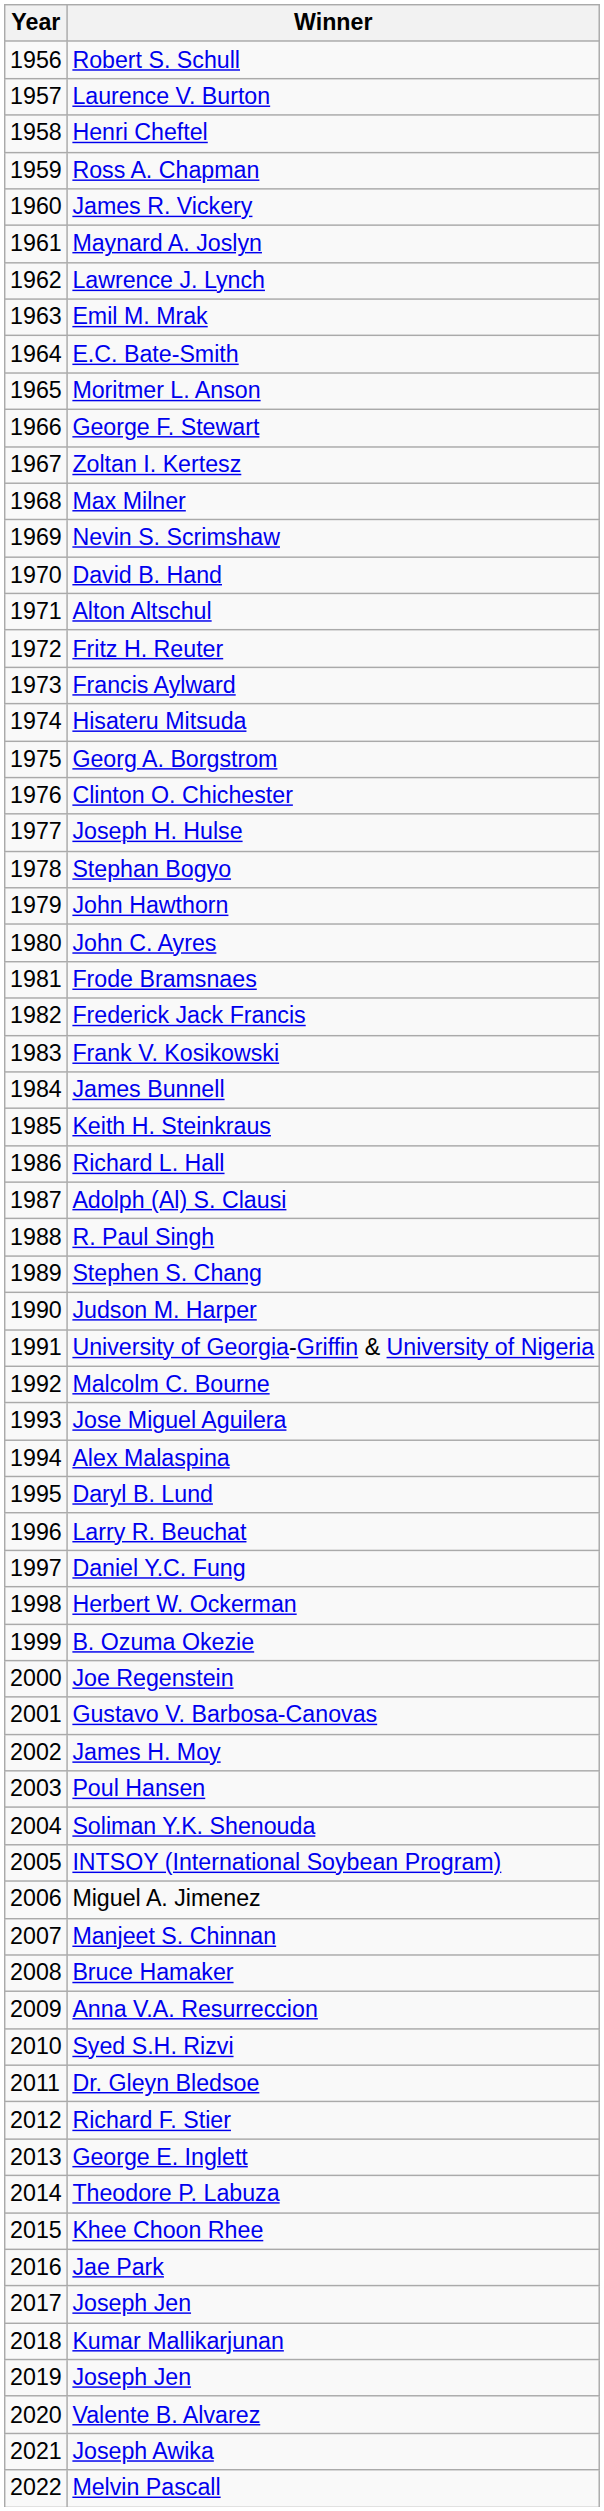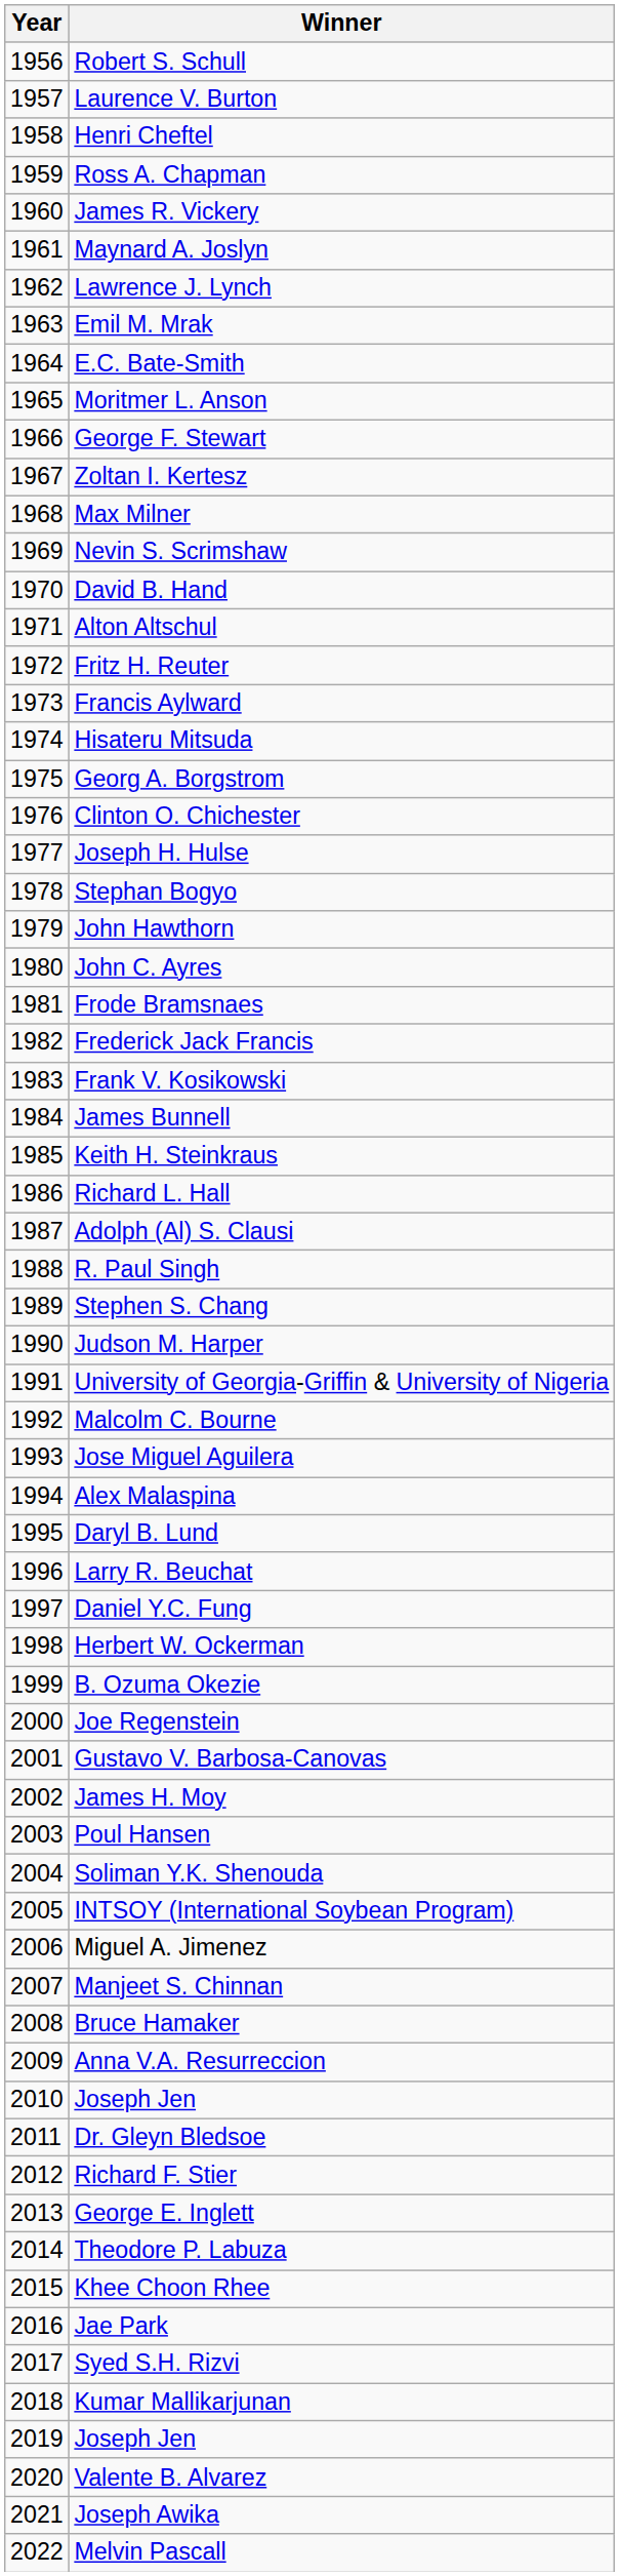 <table class=wikitable>
 <tr>
 <th>Year</th>
 <th>Winner</th>
 </tr>
 <tr>
 <td>1956</td>
 <td><a href='#'>Robert S. Schull</a></td>
 </tr>
 <tr>
 <td>1957</td>
 <td><a href='#'>Laurence V. Burton</a></td>
 </tr>
 <tr>
 <td>1958</td>
 <td><a href='#'>Henri Cheftel</a></td>
 </tr>
 <tr>
 <td>1959</td>
 <td><a href='#'>Ross A. Chapman</a></td>
 </tr>
 <tr>
 <td>1960</td>
 <td><a href='#'>James R. Vickery</a></td>
 </tr>
 <tr>
 <td>1961</td>
 <td><a href='#'>Maynard A. Joslyn</a></td>
 </tr>
 <tr>
 <td>1962</td>
 <td><a href='#'>Lawrence J. Lynch</a></td>
 </tr>
 <tr>
 <td>1963</td>
 <td><a href='#'>Emil M. Mrak</a></td>
 </tr>
 <tr>
 <td>1964</td>
 <td><a href='#'>E.C. Bate-Smith</a></td>
 </tr>
 <tr>
 <td>1965</td>
 <td><a href='#'>Moritmer L. Anson</a></td>
 </tr>
 <tr>
 <td>1966</td>
 <td><a href='#'>George F. Stewart</a></td>
 </tr>
 <tr>
 <td>1967</td>
 <td><a href='#'>Zoltan I. Kertesz</a></td>
 </tr>
 <tr>
 <td>1968</td>
 <td><a href='#'>Max Milner</a></td>
 </tr>
 <tr>
 <td>1969</td>
 <td><a href='#'>Nevin S. Scrimshaw</a></td>
 </tr>
 <tr>
 <td>1970</td>
 <td><a href='#'>David B. Hand</a></td>
 </tr>
 <tr>
 <td>1971</td>
 <td><a href='#'>Alton Altschul</a></td>
 </tr>
 <tr>
 <td>1972</td>
 <td><a href='#'>Fritz H. Reuter</a></td>
 </tr>
 <tr>
 <td>1973</td>
 <td><a href='#'>Francis Aylward</a></td>
 </tr>
 <tr>
 <td>1974</td>
 <td><a href='#'>Hisateru Mitsuda</a></td>
 </tr>
 <tr>
 <td>1975</td>
 <td><a href='#'>Georg A. Borgstrom</a></td>
 </tr>
 <tr>
 <td>1976</td>
 <td><a href='#'>Clinton O. Chichester</a></td>
 </tr>
 <tr>
 <td>1977</td>
 <td><a href='#'>Joseph H. Hulse</a></td>
 </tr>
 <tr>
 <td>1978</td>
 <td><a href='#'>Stephan Bogyo</a></td>
 </tr>
 <tr>
 <td>1979</td>
 <td><a href='#'>John Hawthorn</a></td>
 </tr>
 <tr>
 <td>1980</td>
 <td><a href='#'>John C. Ayres</a></td>
 </tr>
 <tr>
 <td>1981</td>
 <td><a href='#'>Frode Bramsnaes</a></td>
 </tr>
 <tr>
 <td>1982</td>
 <td><a href='#'>Frederick Jack Francis</a></td>
 </tr>
 <tr>
 <td>1983</td>
 <td><a href='#'>Frank V. Kosikowski</a></td>
 </tr>
 <tr>
 <td>1984</td>
 <td><a href='#'>James Bunnell</a></td>
 </tr>
 <tr>
 <td>1985</td>
 <td><a href='#'>Keith H. Steinkraus</a></td>
 </tr>
 <tr>
 <td>1986</td>
 <td><a href='#'>Richard L. Hall</a></td>
 </tr>
 <tr>
 <td>1987</td>
 <td><a href='#'>Adolph (Al) S. Clausi</a></td>
 </tr>
 <tr>
 <td>1988</td>
 <td><a href='#'>R. Paul Singh</a></td>
 </tr>
 <tr>
 <td>1989</td>
 <td><a href='#'>Stephen S. Chang</a></td>
 </tr>
 <tr>
 <td>1990</td>
 <td><a href='#'>Judson M. Harper</a></td>
 </tr>
 <tr>
 <td>1991</td>
 <td><a href='#'>University of Georgia</a>-<a href='#'>Griffin</a> & <a href='#'>University of Nigeria</a></td>
 </tr>
 <tr>
 <td>1992</td>
 <td><a href='#'>Malcolm C. Bourne</a></td>
 </tr>
 <tr>
 <td>1993</td>
 <td><a href='#'>Jose Miguel Aguilera</a></td>
 </tr>
 <tr>
 <td>1994</td>
 <td><a href='#'>Alex Malaspina</a></td>
 </tr>
 <tr>
 <td>1995</td>
 <td><a href='#'>Daryl B. Lund</a></td>
 </tr>
 <tr>
 <td>1996</td>
 <td><a href='#'>Larry R. Beuchat</a></td>
 </tr>
 <tr>
 <td>1997</td>
 <td><a href='#'>Daniel Y.C. Fung</a></td>
 </tr>
 <tr>
 <td>1998</td>
 <td><a href='#'>Herbert W. Ockerman</a></td>
 </tr>
 <tr>
 <td>1999</td>
 <td><a href='#'>B. Ozuma Okezie</a></td>
 </tr>
 <tr>
 <td>2000</td>
 <td><a href='#'>Joe Regenstein</a></td>
 </tr>
 <tr>
 <td>2001</td>
 <td><a href='#'>Gustavo V. Barbosa-Canovas</a></td>
 </tr>
 <tr>
 <td>2002</td>
 <td><a href='#'>James H. Moy</a></td>
 </tr>
 <tr>
 <td>2003</td>
 <td><a href='#'>Poul Hansen</a></td>
 </tr>
 <tr>
 <td>2004</td>
 <td><a href='#'>Soliman Y.K. Shenouda</a></td>
 </tr>
 <tr>
 <td>2005</td>
 <td><a href='#'>INTSOY (International Soybean Program)</a></td>
 </tr>
 <tr>
 <td>2006</td>
 <td>Miguel A. Jimenez</td>
 </tr>
 <tr>
 <td>2007</td>
 <td><a href='#'>Manjeet S. Chinnan</a></td>
 </tr>
 <tr>
 <td>2008</td>
 <td><a href='#'>Bruce Hamaker</a></td>
 </tr>
 <tr>
 <td>2009</td>
 <td><a href='#'>Anna V.A. Resurreccion</a></td>
 </tr>
 <tr>
 <td>2010</td>
-<td><a href='#'>Syed S.H. Rizvi</a></td>
+<td><a href='#'>Joseph Jen</a></td>
 </tr>
 <tr>
 <td>2011</td>
 <td><a href='#'>Dr. Gleyn Bledsoe</a></td>
 </tr>
 <tr>
 <td>2012</td>
 <td><a href='#'>Richard F. Stier</a></td>
 </tr>
 <tr>
 <td>2013</td>
 <td><a href='#'>George E. Inglett</a></td>
 </tr>
 <tr>
 <td>2014</td>
 <td><a href='#'>Theodore P. Labuza</a></td>
 </tr>
 <tr>
 <td>2015</td>
 <td><a href='#'>Khee Choon Rhee</a></td>
 </tr>
 <tr>
 <td>2016</td>
 <td><a href='#'>Jae Park</a></td>
 </tr>
 <tr>
 <td>2017</td>
-<td><a href='#'>Joseph Jen</a></td>
+<td><a href='#'>Syed S.H. Rizvi</a></td>
 </tr>
 <tr>
 <td>2018</td>
 <td><a href='#'>Kumar Mallikarjunan</a></td>
 </tr>
 <tr>
 <td>2019</td>
 <td><a href='#'>Joseph Jen</a></td>
 </tr>
 <tr>
 <td>2020</td>
 <td><a href='#'>Valente B. Alvarez</a></td>
 </tr>
 <tr>
 <td>2021</td>
 <td><a href='#'>Joseph Awika</a></td>
 </tr>
 <tr>
 <td>2022</td>
 <td><a href='#'>Melvin Pascall</a></td>
 </tr>
 </table>
